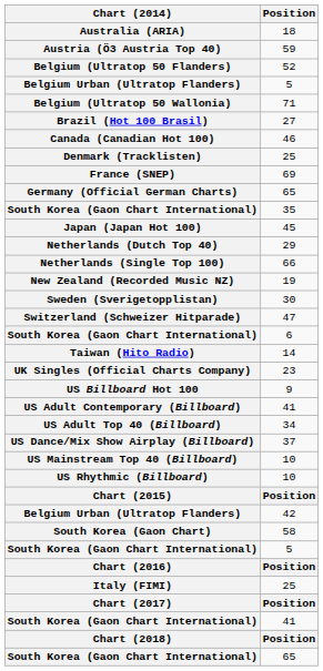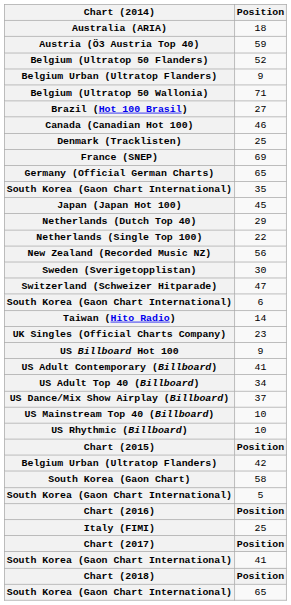 <table class="wikitable sortable plainrowheaders" style="text-align:center">
 <tr>
 <th>Chart (2014)</th>
 <th>Position</th>
 </tr>
 <tr>
 <th scope=row>Australia (ARIA)</th>
 <td>18</td>
 </tr>
 <tr>
 <th scope="row">Austria (Ö3 Austria Top 40)</th>
 <td>59</td>
 </tr>
 <tr>
 <th scope="row">Belgium (Ultratop 50 Flanders)</th>
 <td>52</td>
 </tr>
 <tr>
 <th scope="row">Belgium Urban (Ultratop Flanders)</th>
-<td>5</td>
+<td>9</td>
 </tr>
 <tr>
 <th scope="row">Belgium (Ultratop 50 Wallonia)</th>
 <td>71</td>
 </tr>
 <tr>
 <th scope="row">Brazil (<a href='#'>Hot 100 Brasil</a>)</th>
 <td align="center">27</td>
 </tr>
 <tr>
 <th scope="row">Canada (Canadian Hot 100)</th>
 <td>46</td>
 </tr>
 <tr>
 <th scope="row">Denmark (Tracklisten)</th>
 <td>25</td>
 </tr>
 <tr>
 <th scope="row">France (SNEP)</th>
 <td>69</td>
 </tr>
 <tr>
 <th scope="row">Germany (Official German Charts)</th>
 <td style="text-align:center;">65</td>
 </tr>
 <tr>
 <th scope="row">South Korea (Gaon Chart International)</th>
 <td>35</td>
 </tr>
 <tr>
 <th scope="row">Japan (Japan Hot 100)</th>
 <td>45</td>
 </tr>
 <tr>
 <th scope="row">Netherlands (Dutch Top 40)</th>
 <td>29</td>
 </tr>
 <tr>
 <th scope="row">Netherlands (Single Top 100)</th>
-<td>66</td>
+<td>22</td>
 </tr>
 <tr>
 <th scope="row">New Zealand (Recorded Music NZ)</th>
-<td>19</td>
+<td>56</td>
 </tr>
 <tr>
 <th scope="row">Sweden (Sverigetopplistan)</th>
 <td>30</td>
 </tr>
 <tr>
 <th scope="row">Switzerland (Schweizer Hitparade)</th>
 <td>47</td>
 </tr>
 <tr>
 <th scope="row">South Korea (Gaon Chart International)</th>
 <td>6</td>
 </tr>
 <tr>
 <th scope="row">Taiwan (<a href='#'>Hito Radio</a>)</th>
 <td style="text-align:center;">14</td>
 </tr>
 <tr>
 <th scope="row">UK Singles (Official Charts Company)</th>
 <td>23</td>
 </tr>
 <tr>
 <th scope="row">US <em>Billboard</em> Hot 100</th>
 <td>9</td>
 </tr>
 <tr>
 <th scope="row">US Adult Contemporary (<em>Billboard</em>)</th>
 <td>41</td>
 </tr>
 <tr>
 <th scope="row">US Adult Top 40 (<em>Billboard</em>)</th>
 <td>34</td>
 </tr>
 <tr>
 <th scope="row">US Dance/Mix Show Airplay (<em>Billboard</em>)</th>
 <td>37</td>
 </tr>
 <tr>
 <th scope="row">US Mainstream Top 40 (<em>Billboard</em>)</th>
 <td>10</td>
 </tr>
 <tr>
 <th scope="row">US Rhythmic (<em>Billboard</em>)</th>
 <td>10</td>
 </tr>
 <tr>
 <th>Chart (2015)</th>
 <th>Position</th>
 </tr>
 <tr>
 <th scope="row">Belgium Urban (Ultratop Flanders)</th>
 <td style="text-align:center;">42</td>
 </tr>
 <tr>
 <th scope="row">South Korea (Gaon Chart)</th>
 <td>58</td>
 </tr>
 <tr>
 <th scope="row">South Korea (Gaon Chart International)</th>
 <td>5</td>
 </tr>
 <tr>
 <th>Chart (2016)</th>
 <th>Position</th>
 </tr>
 <tr>
 <th scope="row">Italy (FIMI)</th>
 <td>25</td>
 </tr>
 <tr>
 <th>Chart (2017)</th>
 <th>Position</th>
 </tr>
 <tr>
 <th scope="row">South Korea (Gaon Chart International)</th>
 <td>41</td>
 </tr>
 <tr>
 <th>Chart (2018)</th>
 <th>Position</th>
 </tr>
 <tr>
 <th scope="row">South Korea (Gaon Chart International)</th>
 <td>65</td>
 </tr>
 </table>
